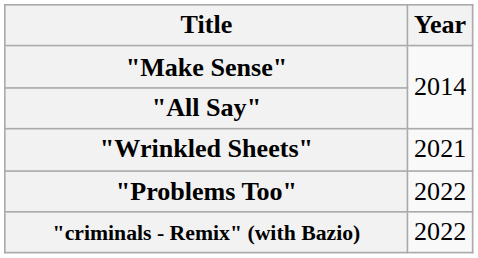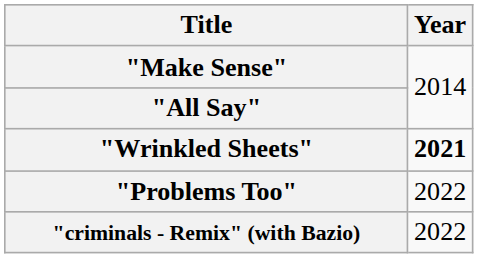 <table class="wikitable plainrowheaders" style="text-align:center;">
 <tr>
 <th scope="col" rowspan="1" style="width:15em;">Title</th>
 <th scope="col" rowspan="1">Year</th>
 </tr>
 <tr>
 <th scope="row">"Make Sense"</th>
 <td rowspan="2">2014</td>
 </tr>
 <tr>
 <th scope="row">"All Say"</th>
 </tr>
 <tr>
 <th scope="row">"Wrinkled Sheets"</th>
-<td>2021</td>
+<td><strong>2021</strong></td>
 </tr>
 <tr>
 <th scope="row">"Problems Too"</th>
 <td>2022</td>
 </tr>
 <tr>
 <th><small>"criminals - Remix" (with Bazio)</small> </th>
 <td>2022</td>
 </tr>
 </table>
